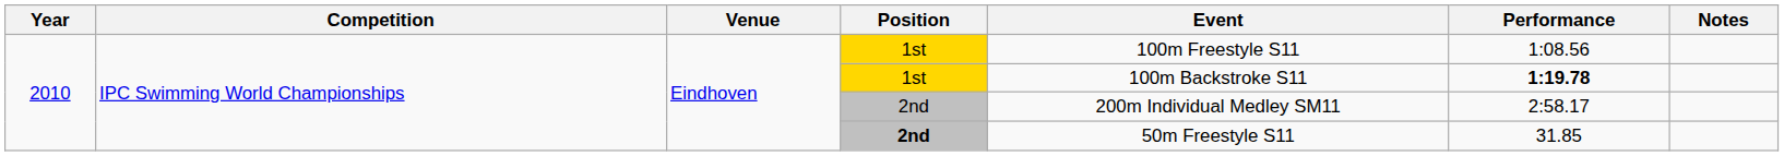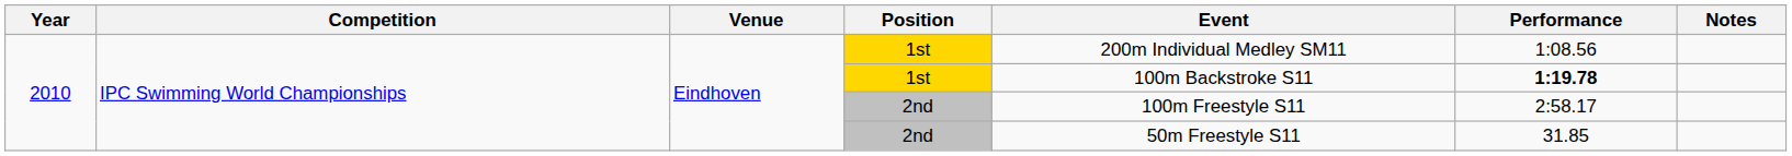 <table class="wikitable" width=70% style="font-size:90%; text-align:center;">
 <tr>
 <th>Year</th>
 <th>Competition</th>
 <th>Venue</th>
 <th>Position</th>
 <th>Event</th>
 <th>Performance</th>
 <th>Notes</th>
 </tr>
 <tr>
 <td rowspan=4><a href='#'>2010</a></td>
 <td rowspan=4 align=left><a href='#'>IPC Swimming World Championships</a></td>
 <td rowspan=4 align=left> <a href='#'>Eindhoven</a></td>
 <td bgcolor=gold>1st</td>
-<td>100m Freestyle S11</td>
+<td>200m Individual Medley SM11</td>
 <td>1:08.56</td>
 <td></td>
 </tr>
 <tr>
 <td bgcolor=gold>1st</td>
 <td>100m Backstroke S11</td>
 <td><strong>1:19.78</strong></td>
 <td></td>
 </tr>
 <tr>
 <td bgcolor=silver>2nd</td>
-<td>200m Individual Medley SM11</td>
+<td>100m Freestyle S11</td>
 <td>2:58.17</td>
 <td></td>
 </tr>
 <tr>
-<td bgcolor=silver><strong>2nd</strong></td>
+<td bgcolor=silver>2nd</td>
 <td>50m Freestyle S11</td>
 <td>31.85</td>
 <td></td>
 </tr>
 </table>
